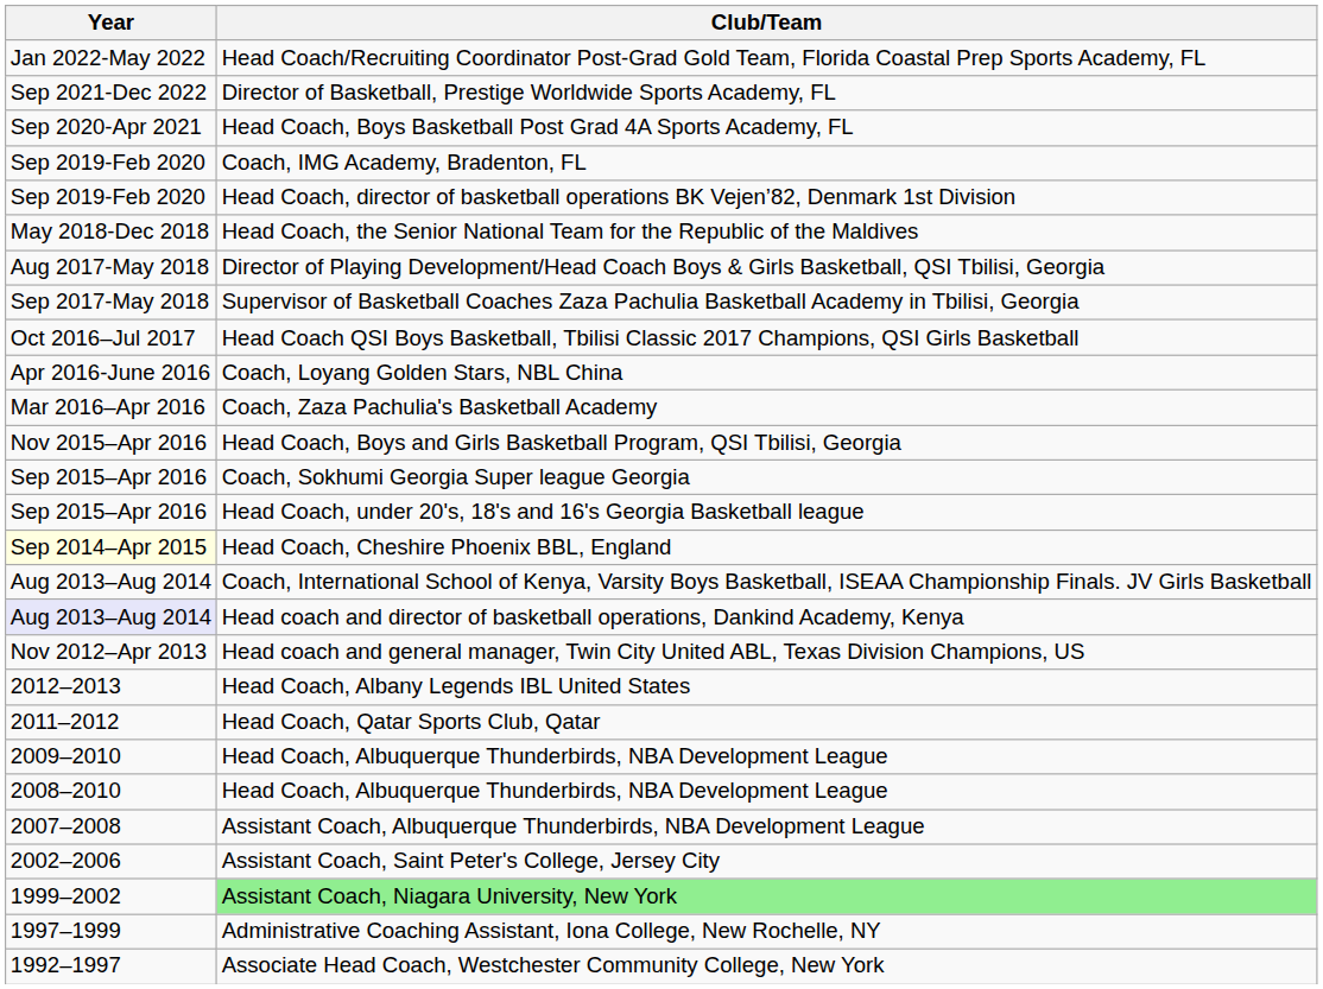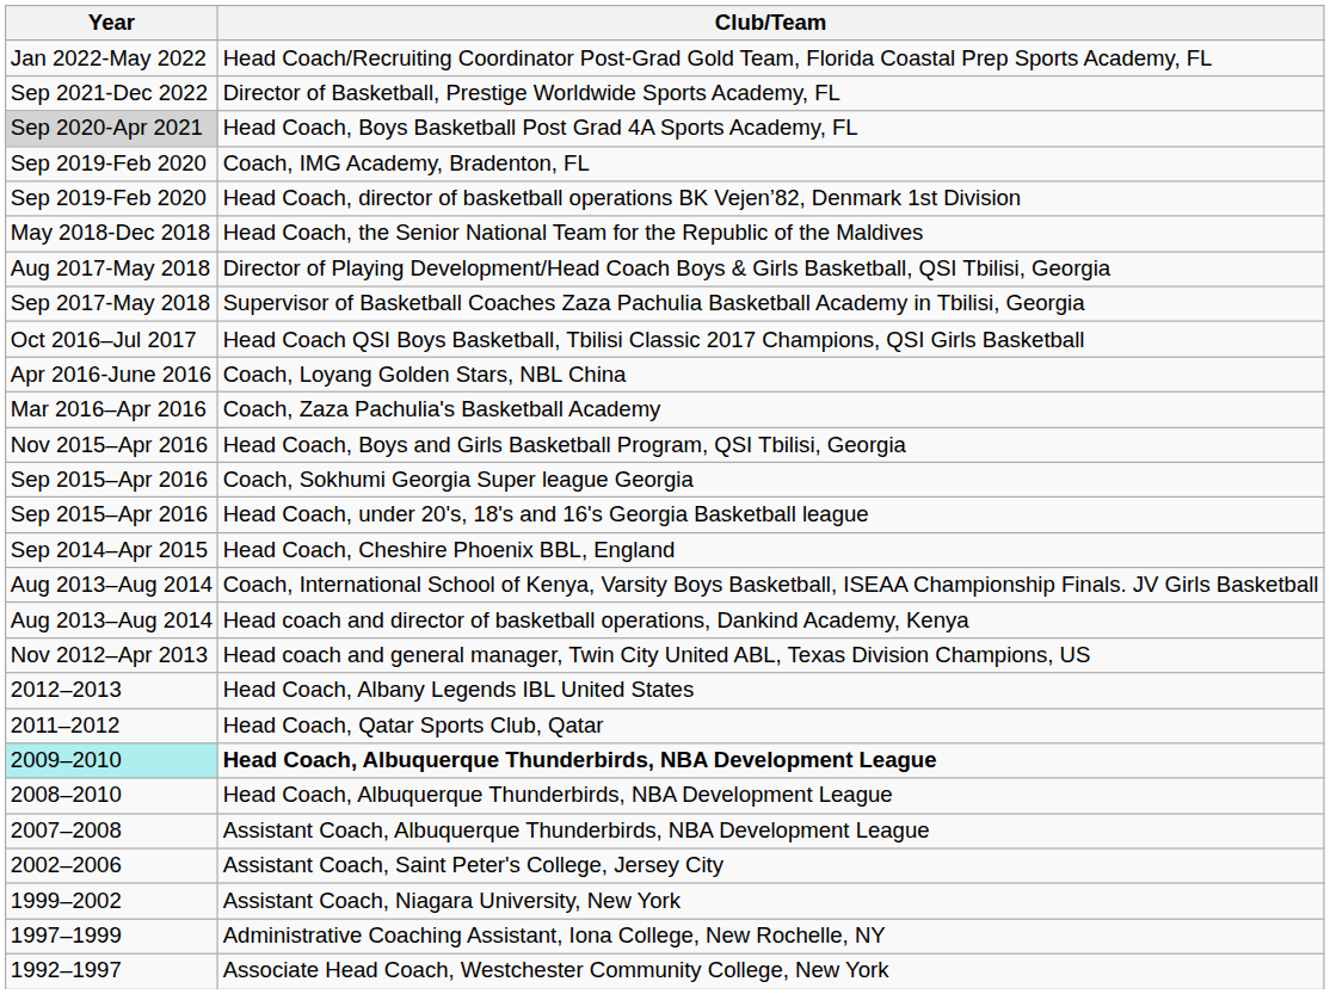 <table class="wikitable">
 <tr>
 <th>Year</th>
 <th>Club/Team</th>
 </tr>
 <tr>
 <td>Jan 2022-May 2022</td>
 <td>Head Coach/Recruiting Coordinator Post-Grad Gold Team, Florida Coastal Prep Sports Academy, FL</td>
 </tr>
 <tr>
 <td>Sep 2021-Dec 2022</td>
 <td>Director of Basketball, Prestige Worldwide Sports Academy, FL</td>
 </tr>
 <tr>
-<td>Sep 2020-Apr 2021</td>
+<td style="background: lightgrey;">Sep 2020-Apr 2021</td>
 <td>Head Coach, Boys Basketball Post Grad 4A Sports Academy, FL</td>
 </tr>
 <tr>
 <td>Sep 2019-Feb 2020</td>
 <td>Coach, IMG Academy, Bradenton, FL</td>
 </tr>
 <tr>
 <td>Sep 2019-Feb 2020</td>
 <td>Head Coach, director of basketball operations BK Vejen’82, Denmark 1st Division</td>
 </tr>
 <tr>
 <td>May 2018-Dec 2018</td>
 <td>Head Coach, the Senior National Team for the Republic of the Maldives</td>
 </tr>
 <tr>
 <td>Aug 2017-May 2018</td>
 <td>Director of Playing Development/Head Coach Boys & Girls Basketball, QSI Tbilisi, Georgia</td>
 </tr>
 <tr>
 <td>Sep 2017-May 2018</td>
 <td>Supervisor of Basketball Coaches Zaza Pachulia Basketball Academy in Tbilisi, Georgia</td>
 </tr>
 <tr>
 <td>Oct 2016–Jul 2017</td>
 <td>Head Coach QSI Boys Basketball, Tbilisi Classic 2017 Champions, QSI Girls Basketball</td>
 </tr>
 <tr>
 <td>Apr 2016-June 2016</td>
 <td>Coach, Loyang Golden Stars, NBL China</td>
 </tr>
 <tr ||>
 <td>Mar 2016–Apr 2016</td>
 <td>Coach, Zaza Pachulia's Basketball Academy</td>
 </tr>
 <tr>
 <td>Nov 2015–Apr 2016</td>
 <td>Head Coach, Boys and Girls Basketball Program, QSI Tbilisi, Georgia</td>
 </tr>
 <tr>
 <td>Sep 2015–Apr 2016</td>
 <td>Coach, Sokhumi Georgia Super league Georgia</td>
 </tr>
 <tr>
 <td>Sep 2015–Apr 2016</td>
 <td>Head Coach, under 20's, 18's and 16's Georgia Basketball league</td>
 </tr>
 <tr>
-<td style="background: lightyellow;">Sep 2014–Apr 2015</td>
+<td>Sep 2014–Apr 2015</td>
 <td>Head Coach, Cheshire Phoenix BBL, England</td>
 </tr>
 <tr>
 <td>Aug 2013–Aug 2014</td>
 <td>Coach, International School of Kenya, Varsity Boys Basketball, ISEAA Championship Finals. JV Girls Basketball</td>
 </tr>
 <tr>
-<td style="background: lavender;">Aug 2013–Aug 2014</td>
+<td>Aug 2013–Aug 2014</td>
 <td>Head coach and director of basketball operations, Dankind Academy, Kenya</td>
 </tr>
 <tr>
 <td>Nov 2012–Apr 2013</td>
 <td>Head coach and general manager, Twin City United ABL, Texas Division Champions, US</td>
 </tr>
 <tr ||>
 <td>2012–2013</td>
 <td>Head Coach, Albany Legends IBL United States</td>
 </tr>
 <tr>
 <td>2011–2012</td>
 <td>Head Coach, Qatar Sports Club, Qatar</td>
 </tr>
 <tr>
-<td>2009–2010</td>
-<td>Head Coach, Albuquerque Thunderbirds, NBA Development League</td>
+<td style="background: paleturquoise;">2009–2010</td>
+<td><strong>Head Coach, Albuquerque Thunderbirds, NBA Development League</strong></td>
 </tr>
 <tr>
 <td>2008–2010</td>
 <td>Head Coach, Albuquerque Thunderbirds, NBA Development League</td>
 </tr>
 <tr>
 <td>2007–2008</td>
 <td>Assistant Coach, Albuquerque Thunderbirds, NBA Development League</td>
 </tr>
 <tr>
 <td>2002–2006</td>
 <td>Assistant Coach, Saint Peter's College, Jersey City</td>
 </tr>
 <tr>
 <td>1999–2002</td>
-<td style="background: lightgreen;">Assistant Coach, Niagara University, New York</td>
+<td>Assistant Coach, Niagara University, New York</td>
 </tr>
 <tr>
 <td>1997–1999</td>
 <td>Administrative Coaching Assistant, Iona College, New Rochelle, NY</td>
 </tr>
 <tr>
 <td>1992–1997</td>
 <td>Associate Head Coach, Westchester Community College, New York</td>
 </tr>
 </table>
